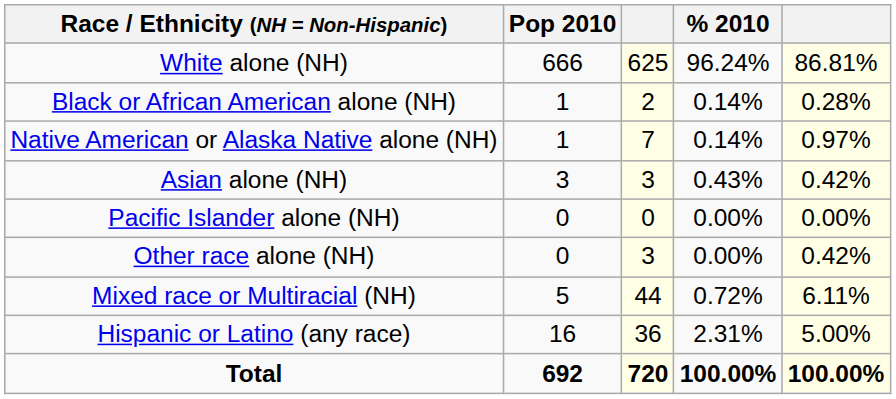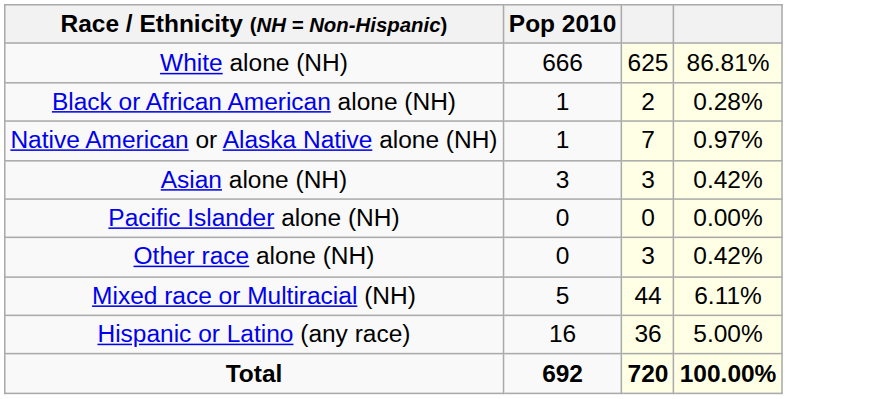 <table class="wikitable" style="text-align:center;">
 <tr>
 <th>Race / Ethnicity <small>(<em>NH = Non-Hispanic</em>)</small></th>
 <th>Pop 2010</th>
 <th></th>
-<th>% 2010</th>
 <th></th>
 </tr>
 <tr>
 <td><a href='#'>White</a> alone (NH)</td>
 <td>666</td>
 <td style='background: #ffffe6;'>625</td>
-<td>96.24%</td>
 <td style='background: #ffffe6;'>86.81%</td>
 </tr>
 <tr>
 <td><a href='#'>Black or African American</a> alone (NH)</td>
 <td>1</td>
 <td style='background: #ffffe6;'>2</td>
-<td>0.14%</td>
 <td style='background: #ffffe6;'>0.28%</td>
 </tr>
 <tr>
 <td><a href='#'>Native American</a> or <a href='#'>Alaska Native</a> alone (NH)</td>
 <td>1</td>
 <td style='background: #ffffe6;'>7</td>
-<td>0.14%</td>
 <td style='background: #ffffe6;'>0.97%</td>
 </tr>
 <tr>
 <td><a href='#'>Asian</a> alone (NH)</td>
 <td>3</td>
 <td style='background: #ffffe6;'>3</td>
-<td>0.43%</td>
 <td style='background: #ffffe6;'>0.42%</td>
 </tr>
 <tr>
 <td><a href='#'>Pacific Islander</a> alone (NH)</td>
 <td>0</td>
 <td style='background: #ffffe6;'>0</td>
-<td>0.00%</td>
 <td style='background: #ffffe6;'>0.00%</td>
 </tr>
 <tr>
 <td><a href='#'>Other race</a> alone (NH)</td>
 <td>0</td>
 <td style='background: #ffffe6;'>3</td>
-<td>0.00%</td>
 <td style='background: #ffffe6;'>0.42%</td>
 </tr>
 <tr>
 <td><a href='#'>Mixed race or Multiracial</a> (NH)</td>
 <td>5</td>
 <td style='background: #ffffe6;'>44</td>
-<td>0.72%</td>
 <td style='background: #ffffe6;'>6.11%</td>
 </tr>
 <tr>
 <td><a href='#'>Hispanic or Latino</a> (any race)</td>
 <td>16</td>
 <td style='background: #ffffe6;'>36</td>
-<td>2.31%</td>
 <td style='background: #ffffe6;'>5.00%</td>
 </tr>
 <tr>
 <td><strong>Total</strong></td>
 <td><strong>692</strong></td>
 <td style='background: #ffffe6;'><strong>720</strong></td>
-<td><strong>100.00%</strong></td>
 <td style='background: #ffffe6;'><strong>100.00%</strong></td>
 </tr>
 </table>
